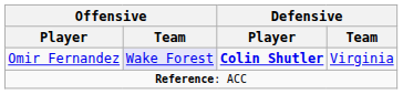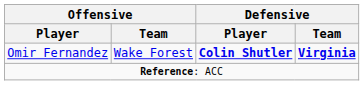 <table class="wikitable">
 <tr>
 <th colspan="2">Offensive</th>
 <th colspan="2">Defensive</th>
 </tr>
 <tr>
 <th>Player</th>
 <th>Team</th>
 <th>Player</th>
 <th>Team</th>
 </tr>
 <tr>
 <td><a href='#'>Omir Fernandez</a></td>
-<td style="background: lavender;"><a href='#'>Wake Forest</a></td>
+<td><a href='#'>Wake Forest</a></td>
 <td><strong><a href='#'>Colin Shutler</a></strong></td>
-<td><a href='#'>Virginia</a></td>
+<td><strong><a href='#'>Virginia</a></strong></td>
 </tr>
 <tr>
 <td colspan="12"  style="font-size:8pt; text-align:center;"><strong>Reference</strong>: ACC</td>
 </tr>
 </table>
